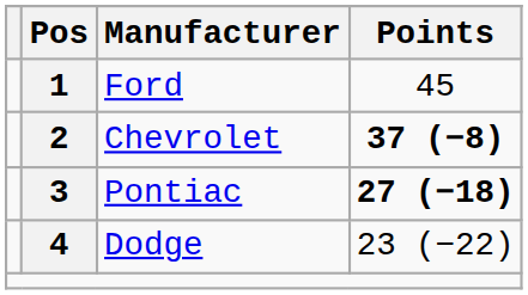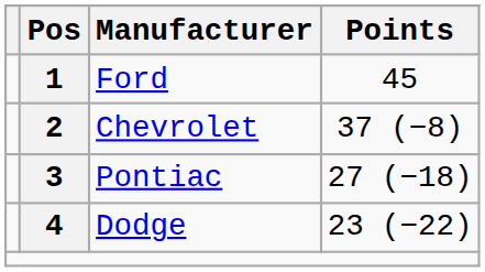 <table class="wikitable">
 <tr>
 </tr>
 <tr>
 <th></th>
 <th scope="col">Pos</th>
 <th scope="col">Manufacturer</th>
 <th scope="col">Points</th>
 </tr>
 <tr>
 <td align="left"></td>
 <th scope="row">1</th>
 <td><a href='#'>Ford</a></td>
 <td style="text-align:center;">45</td>
 </tr>
 <tr>
 <td align="left"></td>
 <th scope="row">2</th>
 <td><a href='#'>Chevrolet</a></td>
-<td style="text-align:center;"><strong>37 (−8)</strong></td>
+<td style="text-align:center;">37 (−8)</td>
 </tr>
 <tr>
 <td align="left"></td>
 <th scope="row">3</th>
 <td><a href='#'>Pontiac</a></td>
-<td style="text-align:center;"><strong>27 (−18)</strong></td>
+<td style="text-align:center;">27 (−18)</td>
 </tr>
 <tr>
 <td align="left"></td>
 <th scope="row">4</th>
 <td><a href='#'>Dodge</a></td>
 <td style="text-align:center;">23 (−22)</td>
 </tr>
 <tr class="sortbottom">
 <td colspan="9"></td>
 </tr>
 </table>
